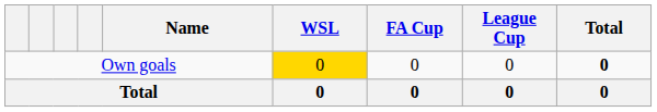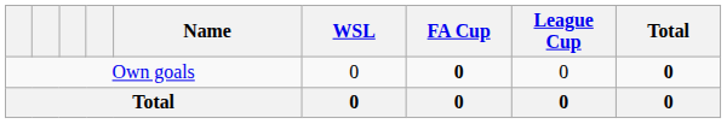 <table class="wikitable sortable" style="text-align:center">
 <tr>
 <th width=15></th>
 <th width=15></th>
 <th width=15></th>
 <th width=15></th>
 <th width=150>Name</th>
 <th width=80><a href='#'>WSL</a></th>
 <th width=80><a href='#'>FA Cup</a></th>
 <th width=80><a href='#'>League Cup</a></th>
 <th width=80>Total</th>
 </tr>
 <tr>
 <td colspan=5><a href='#'>Own goals</a></td>
-<td style="background: gold;">0</td>
 <td>0</td>
+<td><strong>0</strong></td>
 <td>0</td>
 <td><strong>0</strong></td>
 </tr>
 <tr>
 <th colspan="5">Total</th>
 <th>0</th>
 <th>0</th>
 <th>0</th>
 <th>0</th>
 </tr>
 </table>
